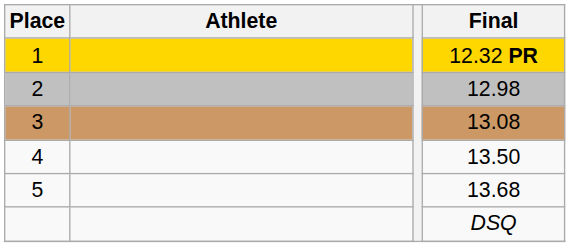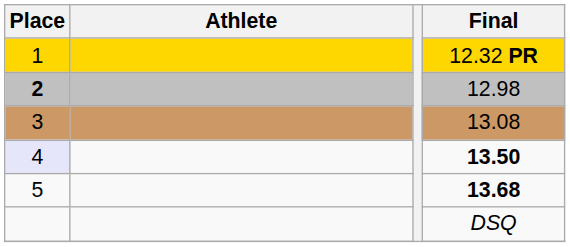 <table class="wikitable" style="text-align:center">
 <tr>
 <th>Place</th>
 <th width=250>Athlete</th>
 <th rowspan=10></th>
 <th width=100>Final</th>
 </tr>
 <tr bgcolor=gold>
 <td>1</td>
 <td align=left></td>
 <td>12.32 <strong>PR</strong></td>
 </tr>
 <tr bgcolor=silver>
-<td>2</td>
+<td><strong>2</strong></td>
 <td align=left></td>
 <td>12.98</td>
 </tr>
 <tr bgcolor=cc9966>
 <td>3</td>
 <td align=left></td>
 <td>13.08</td>
 </tr>
 <tr>
-<td>4</td>
+<td style="background: lavender;">4</td>
 <td align=left></td>
-<td>13.50</td>
+<td><strong>13.50</strong></td>
 </tr>
 <tr>
 <td>5</td>
 <td align=left></td>
-<td>13.68</td>
+<td><strong>13.68</strong></td>
 </tr>
 <tr>
 <td></td>
 <td align=left></td>
 <td><em>DSQ</em></td>
 </tr>
 <tr>
 </tr>
 </table>
